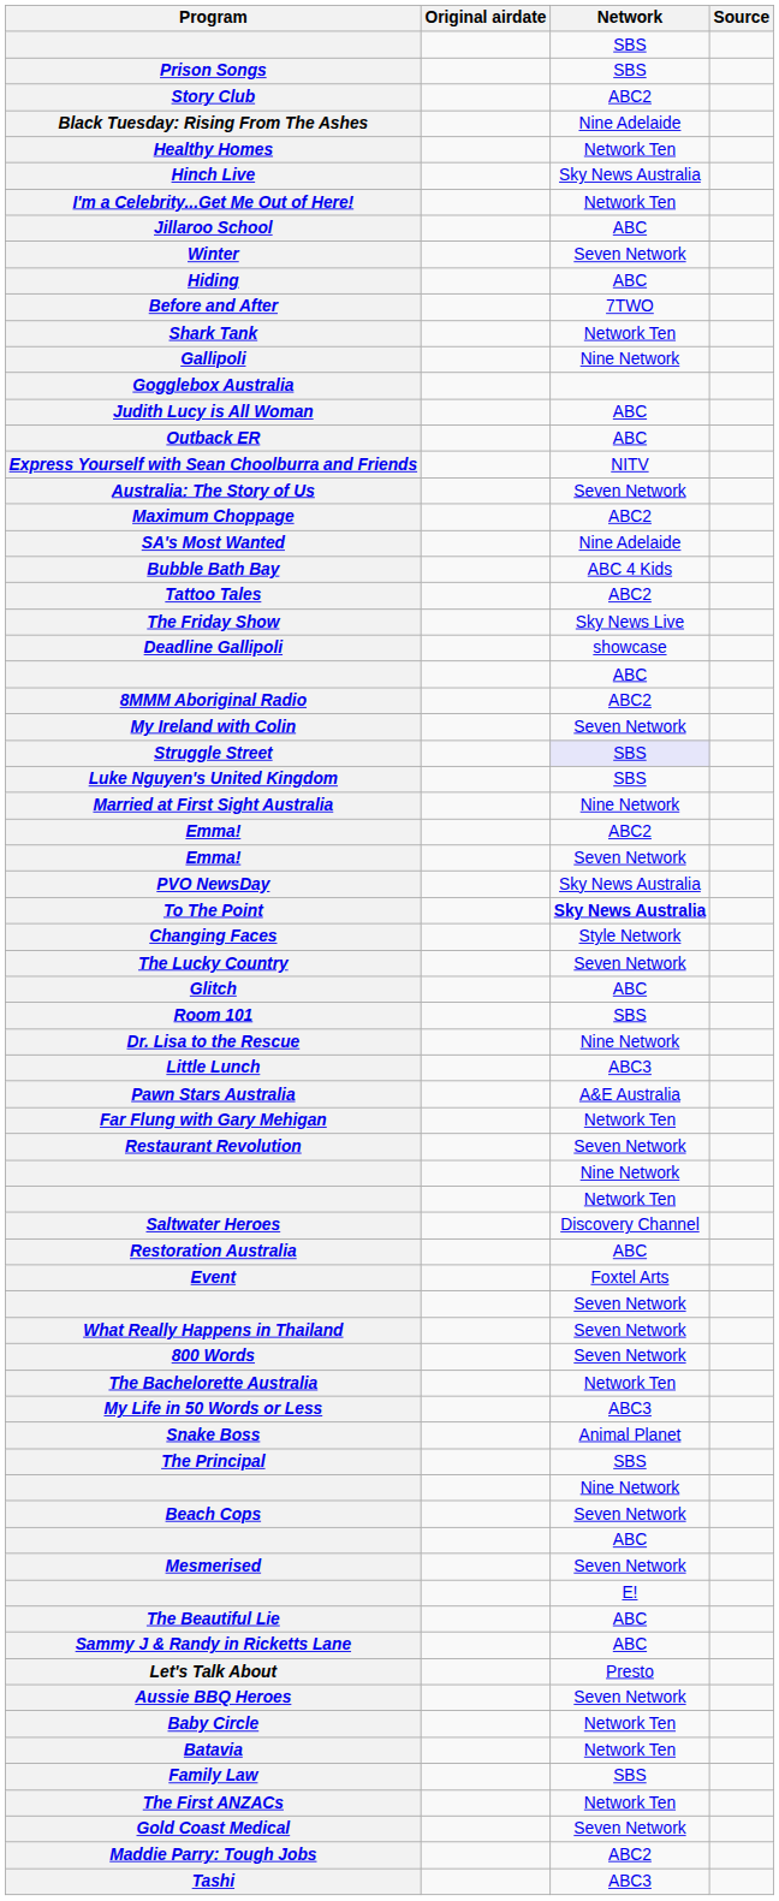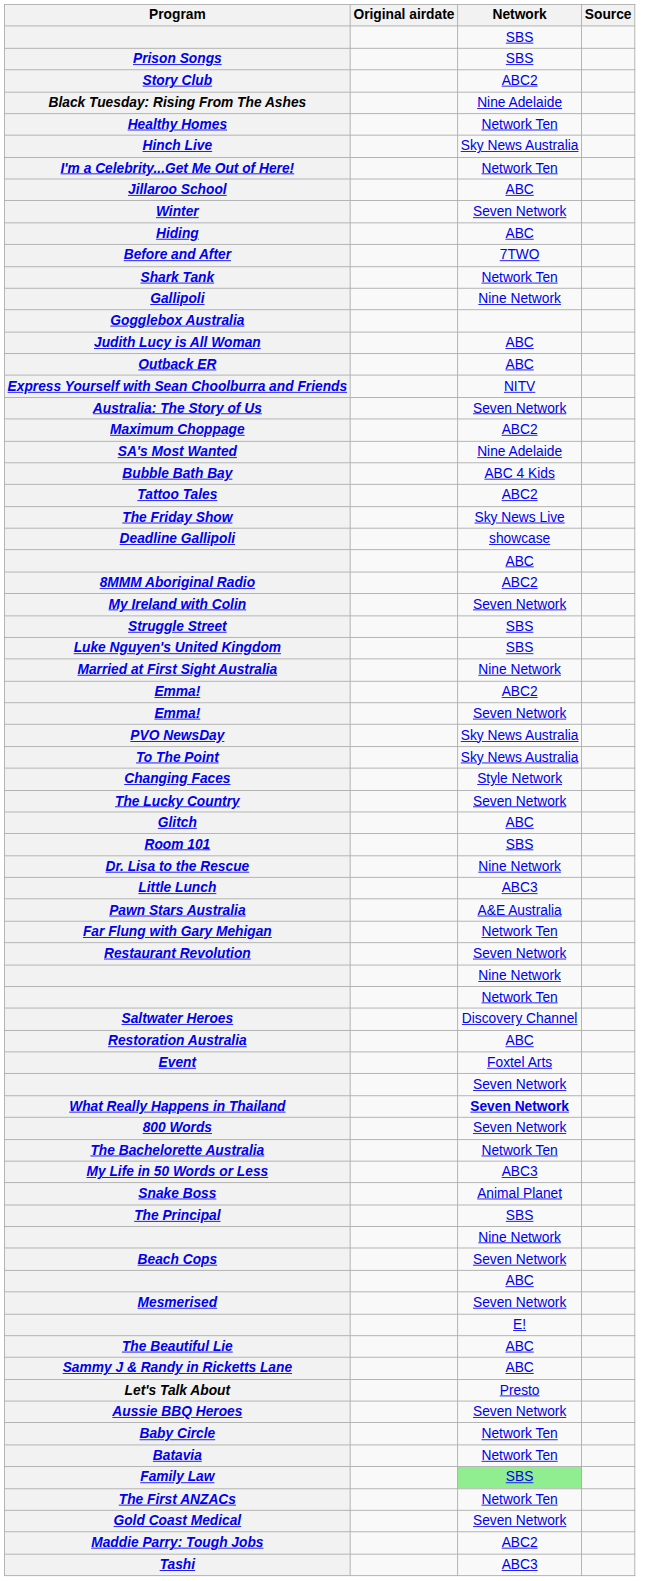 <table class="wikitable plainrowheaders sortable" style="text-align:center">
 <tr>
 <th scope="col">Program</th>
 <th scope="col">Original airdate</th>
 <th scope="col">Network</th>
 <th scope="col" class="unsortable">Source</th>
 </tr>
 <tr>
 <th scope="row"><em></em></th>
 <td></td>
 <td><a href='#'>SBS</a></td>
 <td></td>
 </tr>
 <tr>
 <th scope="row"><em><a href='#'>Prison Songs</a></em></th>
 <td></td>
 <td><a href='#'>SBS</a></td>
 <td></td>
 </tr>
 <tr>
 <th scope="row"><em><a href='#'>Story Club</a></em></th>
 <td></td>
 <td><a href='#'>ABC2</a></td>
 <td></td>
 </tr>
 <tr>
 <th scope="row"><em>Black Tuesday: Rising From The Ashes</em></th>
 <td></td>
 <td><a href='#'>Nine Adelaide</a></td>
 <td></td>
 </tr>
 <tr>
 <th scope="row"><em><a href='#'>Healthy Homes</a></em></th>
 <td></td>
 <td><a href='#'>Network Ten</a></td>
 <td></td>
 </tr>
 <tr>
 <th scope="row"><em><a href='#'>Hinch Live</a></em></th>
 <td></td>
 <td><a href='#'>Sky News Australia</a></td>
 <td></td>
 </tr>
 <tr>
 <th scope="row"><em><a href='#'>I'm a Celebrity...Get Me Out of Here!</a></em></th>
 <td></td>
 <td><a href='#'>Network Ten</a></td>
 <td></td>
 </tr>
 <tr>
 <th scope="row"><em><a href='#'>Jillaroo School</a></em></th>
 <td></td>
 <td><a href='#'>ABC</a></td>
 <td></td>
 </tr>
 <tr>
 <th scope="row"><em><a href='#'>Winter</a></em></th>
 <td></td>
 <td><a href='#'>Seven Network</a></td>
 <td></td>
 </tr>
 <tr>
 <th scope="row"><em><a href='#'>Hiding</a></em></th>
 <td></td>
 <td><a href='#'>ABC</a></td>
 <td></td>
 </tr>
 <tr>
 <th scope="row"><em><a href='#'>Before and After</a></em></th>
 <td></td>
 <td><a href='#'>7TWO</a></td>
 <td></td>
 </tr>
 <tr>
 <th scope="row"><em><a href='#'>Shark Tank</a></em></th>
 <td></td>
 <td><a href='#'>Network Ten</a></td>
 <td></td>
 </tr>
 <tr>
 <th scope="row"><em><a href='#'>Gallipoli</a></em></th>
 <td></td>
 <td><a href='#'>Nine Network</a></td>
 <td></td>
 </tr>
 <tr>
 <th scope="row"><em><a href='#'>Gogglebox Australia</a></em></th>
 <td></td>
 <td></td>
 <td></td>
 </tr>
 <tr>
 <th scope="row"><em><a href='#'>Judith Lucy is All Woman</a></em></th>
 <td></td>
 <td><a href='#'>ABC</a></td>
 <td></td>
 </tr>
 <tr>
 <th scope="row"><em><a href='#'>Outback ER</a></em></th>
 <td></td>
 <td><a href='#'>ABC</a></td>
 <td></td>
 </tr>
 <tr>
 <th scope="row"><em><a href='#'>Express Yourself with Sean Choolburra and Friends</a></em></th>
 <td></td>
 <td><a href='#'>NITV</a></td>
 <td></td>
 </tr>
 <tr>
 <th scope="row"><em><a href='#'>Australia: The Story of Us</a></em></th>
 <td></td>
 <td><a href='#'>Seven Network</a></td>
 <td></td>
 </tr>
 <tr>
 <th scope="row"><em><a href='#'>Maximum Choppage</a></em></th>
 <td></td>
 <td><a href='#'>ABC2</a></td>
 <td></td>
 </tr>
 <tr>
 <th scope="row"><em><a href='#'>SA's Most Wanted</a></em></th>
 <td></td>
 <td><a href='#'>Nine Adelaide</a></td>
 <td></td>
 </tr>
 <tr>
 <th scope="row"><em><a href='#'>Bubble Bath Bay</a></em></th>
 <td></td>
 <td><a href='#'>ABC 4 Kids</a></td>
 <td></td>
 </tr>
 <tr>
 <th scope="row"><em><a href='#'>Tattoo Tales</a></em></th>
 <td></td>
 <td><a href='#'>ABC2</a></td>
 <td></td>
 </tr>
 <tr>
 <th scope="row"><em><a href='#'>The Friday Show</a></em></th>
 <td></td>
 <td><a href='#'>Sky News Live</a></td>
 <td></td>
 </tr>
 <tr>
 <th scope="row"><em><a href='#'>Deadline Gallipoli</a></em></th>
 <td></td>
 <td><a href='#'>showcase</a></td>
 <td></td>
 </tr>
 <tr>
 <th scope="row"><em></em></th>
 <td></td>
 <td><a href='#'>ABC</a></td>
 <td></td>
 </tr>
 <tr>
 <th scope="row"><em><a href='#'>8MMM Aboriginal Radio</a></em></th>
 <td></td>
 <td><a href='#'>ABC2</a></td>
 <td></td>
 </tr>
 <tr>
 <th scope="row"><em><a href='#'>My Ireland with Colin</a></em></th>
 <td></td>
 <td><a href='#'>Seven Network</a></td>
 <td></td>
 </tr>
 <tr>
 <th scope="row"><em><a href='#'>Struggle Street</a></em></th>
 <td></td>
-<td style="background: lavender;"><a href='#'>SBS</a></td>
+<td><a href='#'>SBS</a></td>
 <td></td>
 </tr>
 <tr>
 <th scope="row"><em><a href='#'>Luke Nguyen's United Kingdom</a></em></th>
 <td></td>
 <td><a href='#'>SBS</a></td>
 <td></td>
 </tr>
 <tr>
 <th scope="row"><em><a href='#'>Married at First Sight Australia</a></em></th>
 <td></td>
 <td><a href='#'>Nine Network</a></td>
 <td></td>
 </tr>
 <tr>
 <th scope="row"><em><a href='#'>Emma!</a></em></th>
 <td></td>
 <td><a href='#'>ABC2</a></td>
 <td></td>
 </tr>
 <tr>
 <th scope="row"><em><a href='#'>Emma!</a></em></th>
 <td></td>
 <td><a href='#'>Seven Network</a></td>
 <td></td>
 </tr>
 <tr>
 <th scope="row"><em><a href='#'>PVO NewsDay</a></em></th>
 <td></td>
 <td><a href='#'>Sky News Australia</a></td>
 <td></td>
 </tr>
 <tr>
 <th scope="row"><em><a href='#'>To The Point</a></em></th>
 <td></td>
-<td><strong><a href='#'>Sky News Australia</a></strong></td>
+<td><a href='#'>Sky News Australia</a></td>
 <td></td>
 </tr>
 <tr>
 <th scope="row"><em><a href='#'>Changing Faces</a></em></th>
 <td></td>
 <td><a href='#'>Style Network</a></td>
 <td></td>
 </tr>
 <tr>
 <th scope="row"><em><a href='#'>The Lucky Country</a></em></th>
 <td></td>
 <td><a href='#'>Seven Network</a></td>
 <td></td>
 </tr>
 <tr>
 <th scope="row"><em><a href='#'>Glitch</a></em></th>
 <td></td>
 <td><a href='#'>ABC</a></td>
 <td></td>
 </tr>
 <tr>
 <th scope="row"><em><a href='#'>Room 101</a></em></th>
 <td></td>
 <td><a href='#'>SBS</a></td>
 <td></td>
 </tr>
 <tr>
 <th scope="row"><em><a href='#'>Dr. Lisa to the Rescue</a></em></th>
 <td></td>
 <td><a href='#'>Nine Network</a></td>
 <td></td>
 </tr>
 <tr>
 <th scope="row"><em><a href='#'>Little Lunch</a></em></th>
 <td></td>
 <td><a href='#'>ABC3</a></td>
 <td></td>
 </tr>
 <tr>
 <th scope="row"><em><a href='#'>Pawn Stars Australia</a></em></th>
 <td></td>
 <td><a href='#'>A&E Australia</a></td>
 <td></td>
 </tr>
 <tr>
 <th scope="row"><em><a href='#'>Far Flung with Gary Mehigan</a></em></th>
 <td></td>
 <td><a href='#'>Network Ten</a></td>
 <td></td>
 </tr>
 <tr>
 <th scope="row"><em><a href='#'>Restaurant Revolution</a></em></th>
 <td></td>
 <td><a href='#'>Seven Network</a></td>
 <td></td>
 </tr>
 <tr>
 <th scope="row"><em></em></th>
 <td></td>
 <td><a href='#'>Nine Network</a></td>
 <td></td>
 </tr>
 <tr>
 <th scope="row"><em></em></th>
 <td></td>
 <td><a href='#'>Network Ten</a></td>
 <td></td>
 </tr>
 <tr>
 <th scope="row"><em><a href='#'>Saltwater Heroes</a></em></th>
 <td></td>
 <td><a href='#'>Discovery Channel</a></td>
 <td></td>
 </tr>
 <tr>
 <th scope="row"><em><a href='#'>Restoration Australia</a></em></th>
 <td></td>
 <td><a href='#'>ABC</a></td>
 <td></td>
 </tr>
 <tr>
 <th scope="row"><em><a href='#'>Event</a></em></th>
 <td></td>
 <td><a href='#'>Foxtel Arts</a></td>
 <td></td>
 </tr>
 <tr>
 <th scope="row"><em></em></th>
 <td></td>
 <td><a href='#'>Seven Network</a></td>
 <td></td>
 </tr>
 <tr>
 <th scope="row"><em><a href='#'>What Really Happens in Thailand</a></em></th>
 <td></td>
-<td><a href='#'>Seven Network</a></td>
+<td><strong><a href='#'>Seven Network</a></strong></td>
 <td></td>
 </tr>
 <tr>
 <th scope="row"><em><a href='#'>800 Words</a></em></th>
 <td></td>
 <td><a href='#'>Seven Network</a></td>
 <td></td>
 </tr>
 <tr>
 <th scope="row"><em><a href='#'>The Bachelorette Australia</a></em></th>
 <td></td>
 <td><a href='#'>Network Ten</a></td>
 <td></td>
 </tr>
 <tr>
 <th scope="row"><em><a href='#'>My Life in 50 Words or Less</a></em></th>
 <td></td>
 <td><a href='#'>ABC3</a></td>
 <td></td>
 </tr>
 <tr>
 <th scope="row"><em><a href='#'>Snake Boss</a></em></th>
 <td></td>
 <td><a href='#'>Animal Planet</a></td>
 <td></td>
 </tr>
 <tr>
 <th scope="row"><em><a href='#'>The Principal</a></em></th>
 <td></td>
 <td><a href='#'>SBS</a></td>
 <td></td>
 </tr>
 <tr>
 <th scope="row"><em></em></th>
 <td></td>
 <td><a href='#'>Nine Network</a></td>
 <td></td>
 </tr>
 <tr>
 <th scope="row"><em><a href='#'>Beach Cops</a></em></th>
 <td></td>
 <td><a href='#'>Seven Network</a></td>
 <td></td>
 </tr>
 <tr>
 <th scope="row"><em></em></th>
 <td></td>
 <td><a href='#'>ABC</a></td>
 <td></td>
 </tr>
 <tr>
 <th scope="row"><em><a href='#'>Mesmerised</a></em></th>
 <td></td>
 <td><a href='#'>Seven Network</a></td>
 <td></td>
 </tr>
 <tr>
 <th scope="row"><em></em></th>
 <td></td>
 <td><a href='#'>E!</a></td>
 <td></td>
 </tr>
 <tr>
 <th scope="row"><em><a href='#'>The Beautiful Lie</a></em></th>
 <td></td>
 <td><a href='#'>ABC</a></td>
 <td></td>
 </tr>
 <tr>
 <th scope="row"><em><a href='#'>Sammy J & Randy in Ricketts Lane</a></em></th>
 <td></td>
 <td><a href='#'>ABC</a></td>
 <td></td>
 </tr>
 <tr>
 <th scope="row"><em>Let's Talk About</em></th>
 <td></td>
 <td><a href='#'>Presto</a></td>
 <td></td>
 </tr>
 <tr>
 <th scope="row"><em><a href='#'>Aussie BBQ Heroes</a></em></th>
 <td></td>
 <td><a href='#'>Seven Network</a></td>
 <td></td>
 </tr>
 <tr>
 <th scope="row"><em><a href='#'>Baby Circle</a></em></th>
 <td></td>
 <td><a href='#'>Network Ten</a></td>
 <td></td>
 </tr>
 <tr>
 <th scope="row"><em><a href='#'>Batavia</a></em></th>
 <td></td>
 <td><a href='#'>Network Ten</a></td>
 <td></td>
 </tr>
 <tr>
 <th scope="row"><em><a href='#'>Family Law</a></em></th>
 <td></td>
-<td><a href='#'>SBS</a></td>
+<td style="background: lightgreen;"><a href='#'>SBS</a></td>
 <td></td>
 </tr>
 <tr>
 <th scope="row"><em><a href='#'>The First ANZACs</a></em></th>
 <td></td>
 <td><a href='#'>Network Ten</a></td>
 <td></td>
 </tr>
 <tr>
 <th scope="row"><em><a href='#'>Gold Coast Medical</a></em></th>
 <td></td>
 <td><a href='#'>Seven Network</a></td>
 <td></td>
 </tr>
 <tr>
 <th scope="row"><em><a href='#'>Maddie Parry: Tough Jobs</a></em></th>
 <td></td>
 <td><a href='#'>ABC2</a></td>
 <td></td>
 </tr>
 <tr>
 <th scope="row"><em><a href='#'>Tashi</a></em></th>
 <td></td>
 <td><a href='#'>ABC3</a></td>
 <td></td>
 </tr>
 </table>
